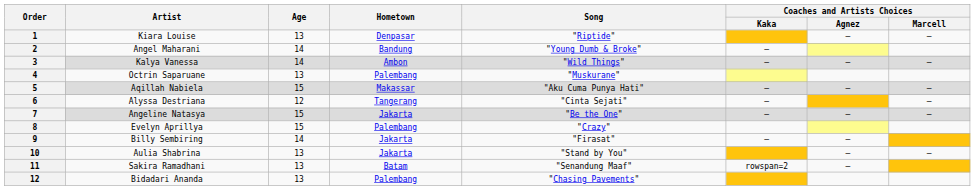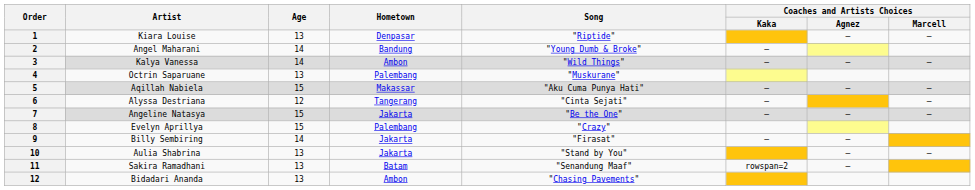 <table class="wikitable" style="text-align:center; width:100%;">
 <tr>
 <th rowspan="2" scope="col" style="width:06%;">Order</th>
 <th rowspan="2" scope="col" style="width:20%;">Artist</th>
 <th rowspan="2" scope="col" style="width:06%;">Age</th>
 <th rowspan="2" scope="col" style="width:13%;">Hometown</th>
 <th rowspan="2" scope="col" style="width:26%;">Song</th>
 <th colspan="3" scope="col" style="width:40%;">Coaches and Artists Choices</th>
 </tr>
 <tr>
 <th style="width:08%;">Kaka</th>
 <th style="width:08%;">Agnez</th>
 <th style="width:08%;">Marcell</th>
 </tr>
 <tr>
 <th>1</th>
 <td>Kiara Louise</td>
 <td>13</td>
 <td><a href='#'>Denpasar</a></td>
 <td>"<a href='#'>Riptide</a>"</td>
 <td style="background:#ffc40c"><strong></strong></td>
 <td>–</td>
 <td>–</td>
 </tr>
 <tr>
 <th>2</th>
 <td>Angel Maharani</td>
 <td>14</td>
 <td><a href='#'>Bandung</a></td>
 <td>"<a href='#'>Young Dumb & Broke</a>"</td>
 <td>–</td>
 <td style="background:#fdfc8f"><strong></strong></td>
 <td><strong></strong></td>
 </tr>
 <tr style="background:#DCDCDC;">
 <th>3</th>
 <td>Kalya Vanessa</td>
 <td>14</td>
 <td><a href='#'>Ambon</a></td>
 <td>"<a href='#'>Wild Things</a>"</td>
 <td>–</td>
 <td>–</td>
 <td>–</td>
 </tr>
 <tr>
 <th>4</th>
 <td>Octrin Saparuane</td>
 <td>13</td>
 <td><a href='#'>Palembang</a></td>
 <td>"<a href='#'>Muskurane</a>"</td>
 <td style="background:#fdfc8f"><strong></strong></td>
 <td><strong></strong></td>
 <td><strong></strong></td>
 </tr>
 <tr style="background:#DCDCDC;">
 <th>5</th>
 <td>Aqillah Nabiela</td>
 <td>15</td>
 <td><a href='#'>Makassar</a></td>
 <td>"Aku Cuma Punya Hati"</td>
 <td>–</td>
 <td>–</td>
 <td>–</td>
 </tr>
 <tr>
 <th>6</th>
 <td>Alyssa Destriana</td>
 <td>12</td>
 <td><a href='#'>Tangerang</a></td>
 <td>"Cinta Sejati"</td>
 <td>–</td>
 <td style="background:#ffc40c"><strong></strong></td>
 <td>–</td>
 </tr>
 <tr style="background:#DCDCDC;">
 <th>7</th>
 <td>Angeline Natasya</td>
 <td>15</td>
 <td><a href='#'>Jakarta</a></td>
 <td>"<a href='#'>Be the One</a>"</td>
 <td>–</td>
 <td>–</td>
 <td>–</td>
 </tr>
 <tr>
 <th>8</th>
 <td>Evelyn Aprillya</td>
 <td>15</td>
 <td><a href='#'>Palembang</a></td>
 <td>"<a href='#'>Crazy</a>"</td>
 <td><strong></strong></td>
 <td style="background:#fdfc8f"><strong></strong></td>
 <td><strong></strong></td>
 </tr>
 <tr>
 <th>9</th>
 <td>Billy Sembiring</td>
 <td>14</td>
 <td><a href='#'>Jakarta</a></td>
 <td>"Firasat"</td>
 <td>–</td>
 <td>–</td>
 <td style="background:#ffc40c"><strong></strong></td>
 </tr>
 <tr>
 <th>10</th>
 <td>Aulia Shabrina</td>
 <td>13</td>
 <td><a href='#'>Jakarta</a></td>
 <td>"Stand by You"</td>
 <td style="background:#ffc40c"><strong></strong></td>
 <td>–</td>
 <td>–</td>
 </tr>
 <tr>
 <th>11</th>
 <td>Sakira Ramadhani</td>
 <td>13</td>
 <td><a href='#'>Batam</a></td>
 <td>"Senandung Maaf"</td>
 <td>rowspan=2 </td>
 <td>–</td>
 <td style="background:#ffc40c"><strong></strong></td>
 </tr>
 <tr>
 <th>12</th>
 <td>Bidadari Ananda</td>
 <td>13</td>
-<td><a href='#'>Palembang</a></td>
+<td><a href='#'>Ambon</a></td>
 <td>"<a href='#'>Chasing Pavements</a>"</td>
 <td style="background:#ffc40c"><strong></strong></td>
 <td></td>
 </tr>
 </table>
